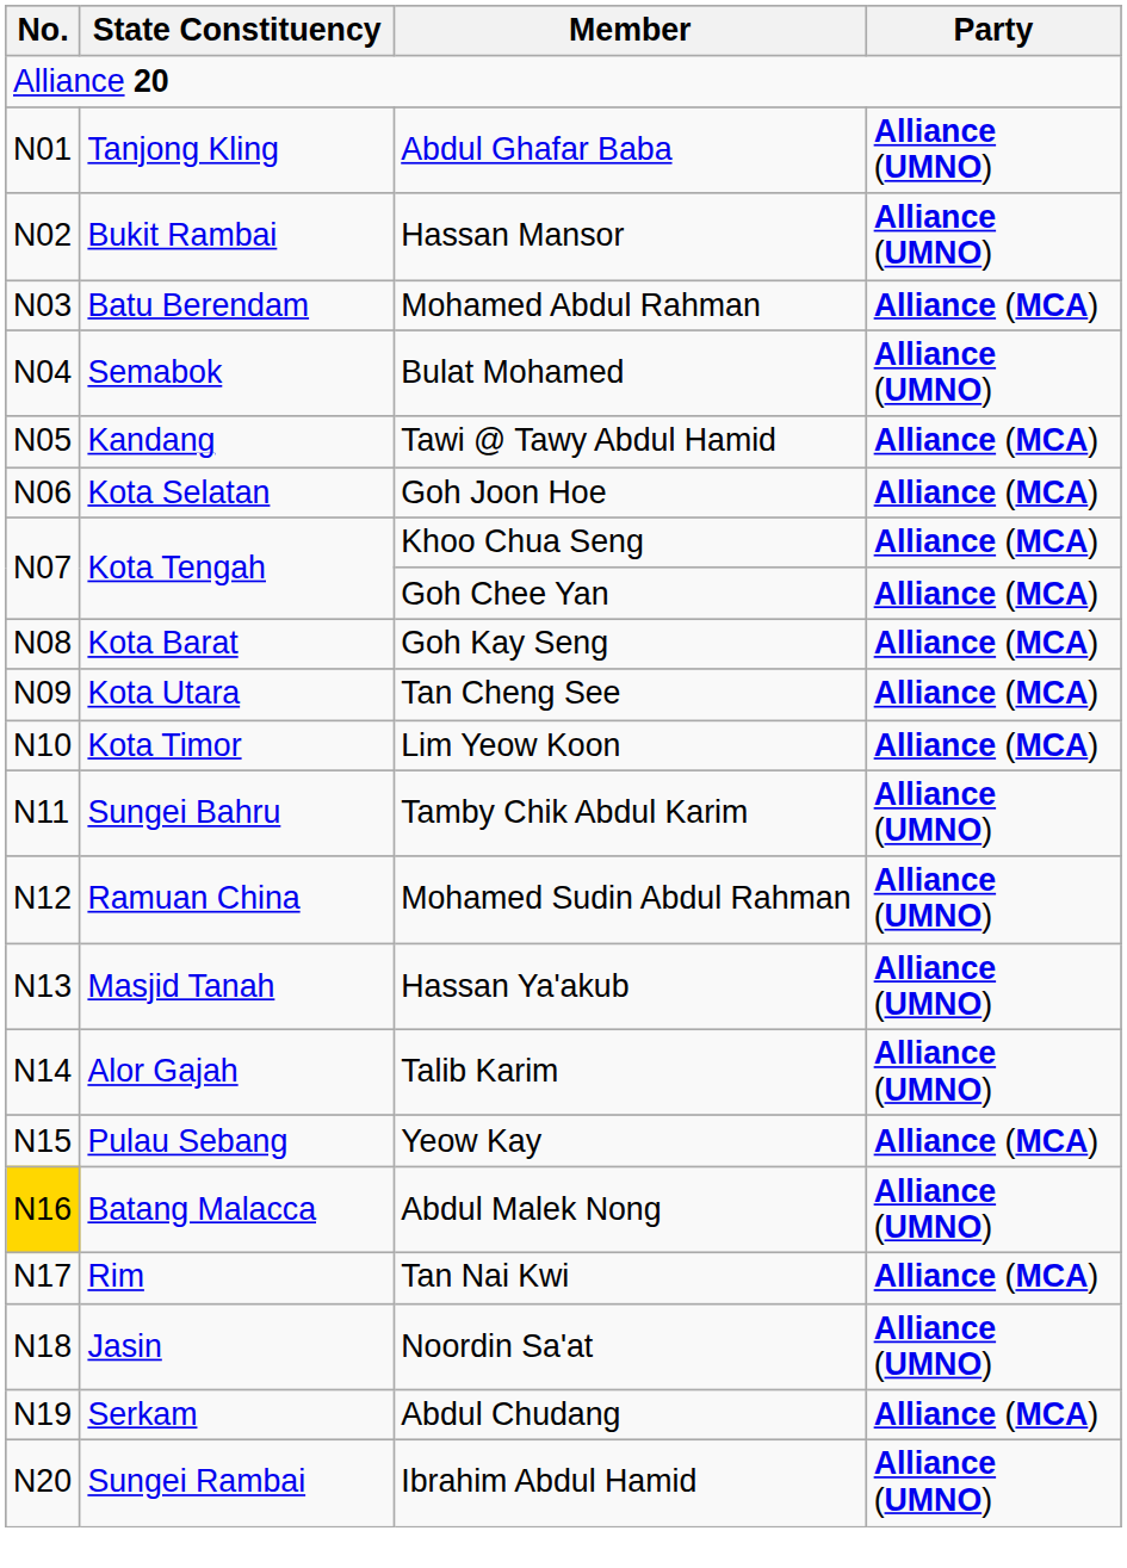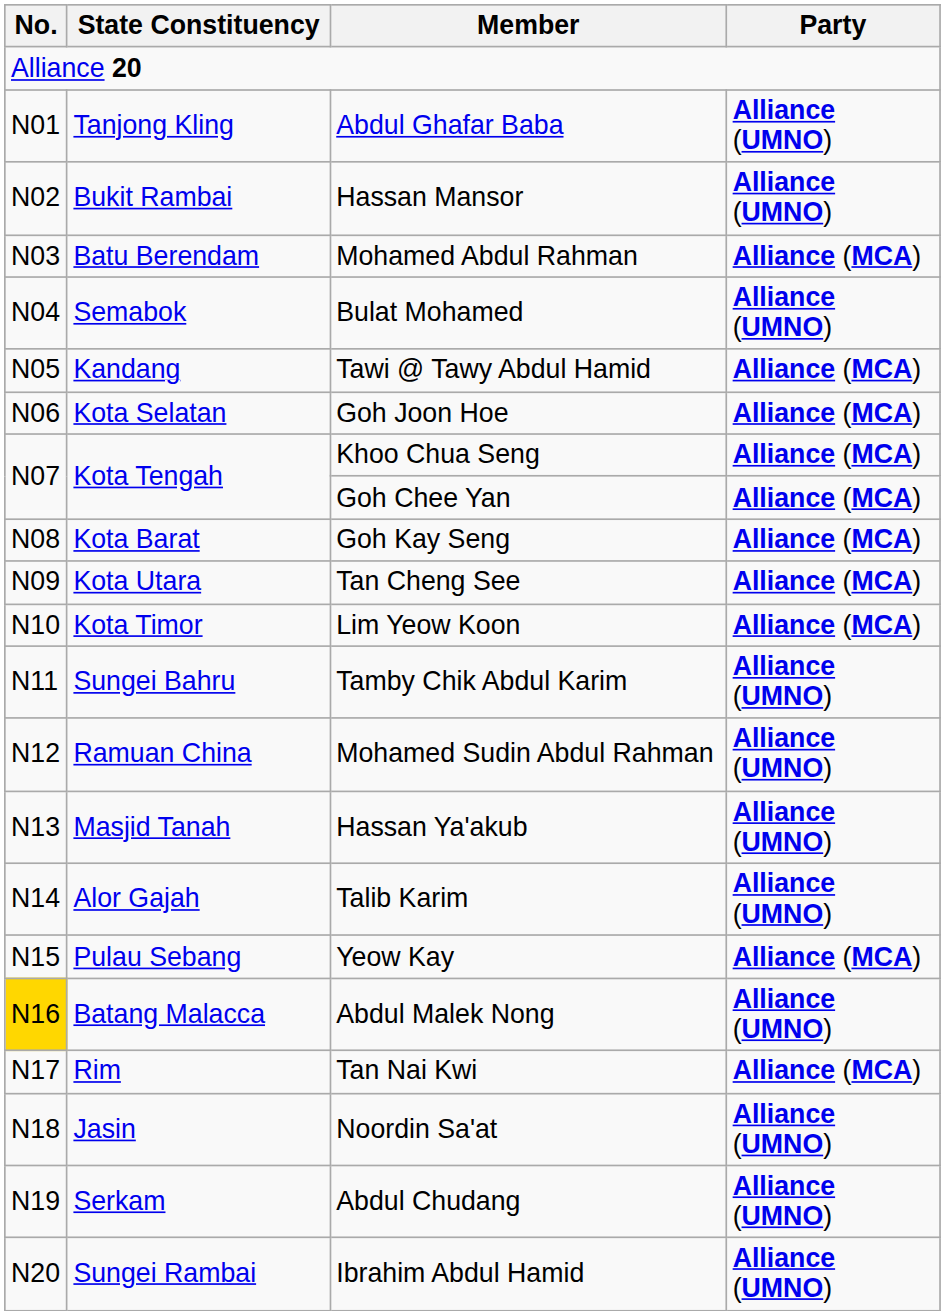 <table class="wikitable sortable">
 <tr>
 <th style="width:30px;">No.</th>
 <th style="width:150px;">State Constituency</th>
 <th style="width:230px;">Member</th>
 <th style="width:120px;">Party</th>
 </tr>
 <tr>
 <td colspan="4"><a href='#'>Alliance</a> <strong>20</strong></td>
 </tr>
 <tr>
 <td>N01</td>
 <td><a href='#'>Tanjong Kling</a></td>
 <td><a href='#'>Abdul Ghafar Baba</a></td>
 <td><strong><a href='#'>Alliance</a></strong> (<strong><a href='#'>UMNO</a></strong>)</td>
 </tr>
 <tr>
 <td>N02</td>
 <td><a href='#'>Bukit Rambai</a></td>
 <td>Hassan Mansor</td>
 <td><strong><a href='#'>Alliance</a></strong> (<strong><a href='#'>UMNO</a></strong>)</td>
 </tr>
 <tr>
 <td>N03</td>
 <td><a href='#'>Batu Berendam</a></td>
 <td>Mohamed Abdul Rahman</td>
 <td><strong><a href='#'>Alliance</a></strong> (<strong><a href='#'>MCA</a></strong>)</td>
 </tr>
 <tr>
 <td>N04</td>
 <td><a href='#'>Semabok</a></td>
 <td>Bulat Mohamed</td>
 <td><strong><a href='#'>Alliance</a></strong> (<strong><a href='#'>UMNO</a></strong>)</td>
 </tr>
 <tr>
 <td>N05</td>
 <td><a href='#'>Kandang</a></td>
 <td>Tawi @ Tawy Abdul Hamid</td>
 <td><strong><a href='#'>Alliance</a></strong> (<strong><a href='#'>MCA</a></strong>)</td>
 </tr>
 <tr>
 <td>N06</td>
 <td><a href='#'>Kota Selatan</a></td>
 <td>Goh Joon Hoe</td>
 <td><strong><a href='#'>Alliance</a></strong> (<strong><a href='#'>MCA</a></strong>)</td>
 </tr>
 <tr>
 <td rowspan=2>N07</td>
 <td rowspan=2><a href='#'>Kota Tengah</a></td>
 <td>Khoo Chua Seng </td>
 <td><strong><a href='#'>Alliance</a></strong> (<strong><a href='#'>MCA</a></strong>)</td>
 </tr>
 <tr>
 <td>Goh Chee Yan </td>
 <td><strong><a href='#'>Alliance</a></strong> (<strong><a href='#'>MCA</a></strong>)</td>
 </tr>
 <tr>
 <td>N08</td>
 <td><a href='#'>Kota Barat</a></td>
 <td>Goh Kay Seng</td>
 <td><strong><a href='#'>Alliance</a></strong> (<strong><a href='#'>MCA</a></strong>)</td>
 </tr>
 <tr>
 <td>N09</td>
 <td><a href='#'>Kota Utara</a></td>
 <td>Tan Cheng See</td>
 <td><strong><a href='#'>Alliance</a></strong> (<strong><a href='#'>MCA</a></strong>)</td>
 </tr>
 <tr>
 <td>N10</td>
 <td><a href='#'>Kota Timor</a></td>
 <td>Lim Yeow Koon</td>
 <td><strong><a href='#'>Alliance</a></strong> (<strong><a href='#'>MCA</a></strong>)</td>
 </tr>
 <tr>
 <td>N11</td>
 <td><a href='#'>Sungei Bahru</a></td>
 <td>Tamby Chik Abdul Karim</td>
 <td><strong><a href='#'>Alliance</a></strong> (<strong><a href='#'>UMNO</a></strong>)</td>
 </tr>
 <tr>
 <td>N12</td>
 <td><a href='#'>Ramuan China</a></td>
 <td>Mohamed Sudin Abdul Rahman</td>
 <td><strong><a href='#'>Alliance</a></strong> (<strong><a href='#'>UMNO</a></strong>)</td>
 </tr>
 <tr>
 <td>N13</td>
 <td><a href='#'>Masjid Tanah</a></td>
 <td>Hassan Ya'akub</td>
 <td><strong><a href='#'>Alliance</a></strong> (<strong><a href='#'>UMNO</a></strong>)</td>
 </tr>
 <tr>
 <td>N14</td>
 <td><a href='#'>Alor Gajah</a></td>
 <td>Talib Karim</td>
 <td><strong><a href='#'>Alliance</a></strong> (<strong><a href='#'>UMNO</a></strong>)</td>
 </tr>
 <tr>
 <td>N15</td>
 <td><a href='#'>Pulau Sebang</a></td>
 <td>Yeow Kay</td>
 <td><strong><a href='#'>Alliance</a></strong> (<strong><a href='#'>MCA</a></strong>)</td>
 </tr>
 <tr>
 <td style="background: gold;">N16</td>
 <td><a href='#'>Batang Malacca</a></td>
 <td>Abdul Malek Nong</td>
 <td><strong><a href='#'>Alliance</a></strong> (<strong><a href='#'>UMNO</a></strong>)</td>
 </tr>
 <tr>
 <td>N17</td>
 <td><a href='#'>Rim</a></td>
 <td>Tan Nai Kwi</td>
 <td><strong><a href='#'>Alliance</a></strong> (<strong><a href='#'>MCA</a></strong>)</td>
 </tr>
 <tr>
 <td>N18</td>
 <td><a href='#'>Jasin</a></td>
 <td>Noordin Sa'at</td>
 <td><strong><a href='#'>Alliance</a></strong> (<strong><a href='#'>UMNO</a></strong>)</td>
 </tr>
 <tr>
 <td>N19</td>
 <td><a href='#'>Serkam</a></td>
 <td>Abdul Chudang</td>
-<td><strong><a href='#'>Alliance</a></strong> (<strong><a href='#'>MCA</a></strong>)</td>
+<td><strong><a href='#'>Alliance</a></strong> (<strong><a href='#'>UMNO</a></strong>)</td>
 </tr>
 <tr>
 <td>N20</td>
 <td><a href='#'>Sungei Rambai</a></td>
 <td>Ibrahim Abdul Hamid</td>
 <td><strong><a href='#'>Alliance</a></strong> (<strong><a href='#'>UMNO</a></strong>)</td>
 </tr>
 </table>
